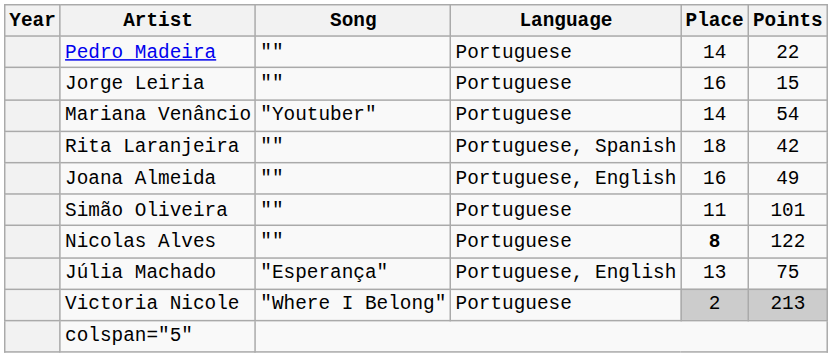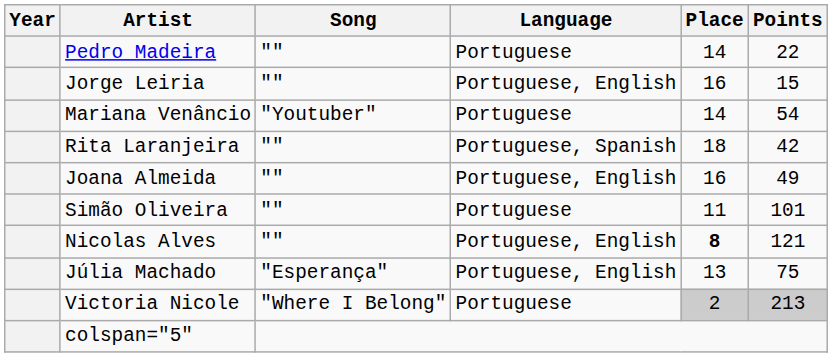 <table class="wikitable sortable plainrowheaders">
 <tr>
 <th scope="col">Year</th>
 <th scope="col">Artist</th>
 <th scope="col">Song</th>
 <th scope="col">Language</th>
 <th scope="col" data-sort-type="number">Place</th>
 <th scope="col" data-sort-type="number">Points</th>
 </tr>
 <tr>
 <th scope="row" style="text-align:center;"></th>
 <td><a href='#'>Pedro Madeira</a></td>
 <td>""</td>
 <td>Portuguese</td>
 <td style="text-align:center;">14</td>
 <td style="text-align:center;">22</td>
 </tr>
 <tr>
 <th scope="row" style="text-align:center;"></th>
 <td>Jorge Leiria</td>
 <td>""</td>
-<td>Portuguese</td>
+<td>Portuguese, English</td>
 <td style="text-align:center;">16</td>
 <td style="text-align:center;">15</td>
 </tr>
 <tr>
 <th scope="row" style="text-align:center;"></th>
 <td>Mariana Venâncio</td>
 <td>"Youtuber"</td>
 <td>Portuguese</td>
 <td style="text-align:center;">14</td>
 <td style="text-align:center;">54</td>
 </tr>
 <tr>
 <th scope="row" style="text-align:center;"></th>
 <td>Rita Laranjeira</td>
 <td>""</td>
 <td>Portuguese, Spanish</td>
 <td style="text-align:center;">18</td>
 <td style="text-align:center;">42</td>
 </tr>
 <tr>
 <th scope="row" style="text-align:center;"></th>
 <td>Joana Almeida</td>
 <td>""</td>
 <td>Portuguese, English</td>
 <td style="text-align:center;">16</td>
 <td style="text-align:center;">49</td>
 </tr>
 <tr>
 <th scope="row" style="text-align:center;"></th>
 <td>Simão Oliveira</td>
 <td>""</td>
 <td>Portuguese</td>
 <td style="text-align:center;">11</td>
 <td style="text-align:center;">101</td>
 </tr>
 <tr>
 <th scope="row" style="text-align:center;"></th>
 <td>Nicolas Alves</td>
 <td>""</td>
-<td>Portuguese</td>
+<td>Portuguese, English</td>
 <td style="text-align:center;"><strong>8</strong></td>
-<td style="text-align:center;">122</td>
+<td style="text-align:center;">121</td>
 </tr>
 <tr>
 <th scope="row" style="text-align:center;"></th>
 <td>Júlia Machado</td>
 <td>"Esperança"</td>
 <td>Portuguese, English</td>
 <td style="text-align:center;">13</td>
 <td style="text-align:center;">75</td>
 </tr>
 <tr>
 <th scope="row" style="text-align:center;"></th>
 <td>Victoria Nicole</td>
 <td>"Where I Belong"</td>
 <td>Portuguese</td>
 <td style="text-align:center; background-color:#CCC;">2</td>
 <td style="text-align:center; background-color:#CCC;">213</td>
 </tr>
 <tr>
 <th scope="row" style="text-align:center;"></th>
 <td>colspan="5" </td>
 </tr>
 </table>
